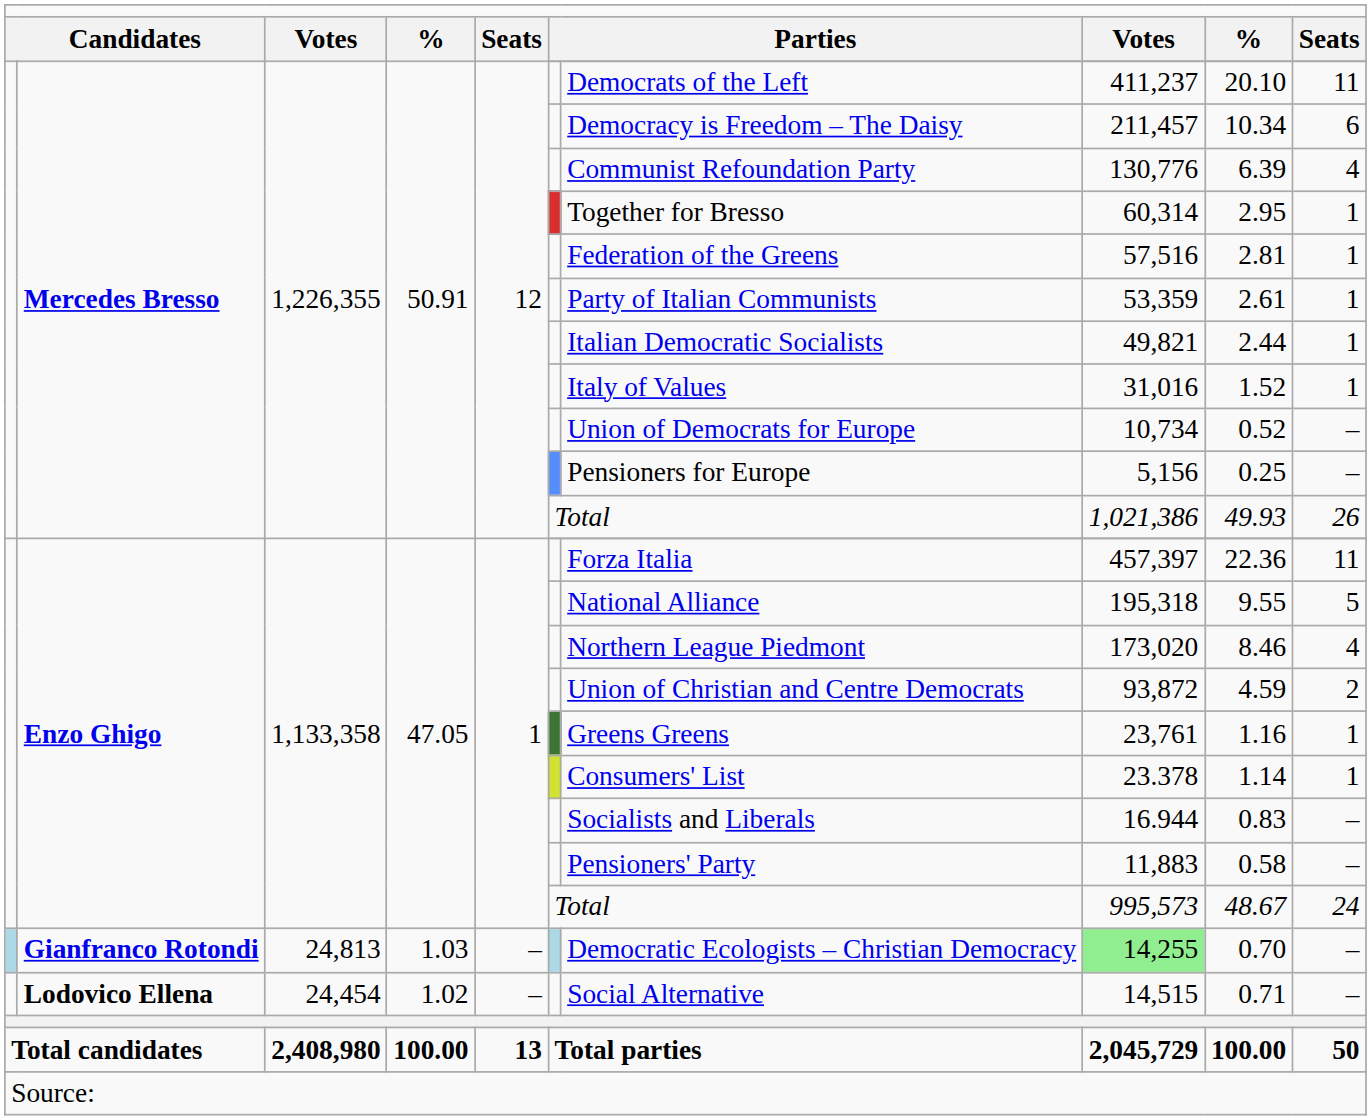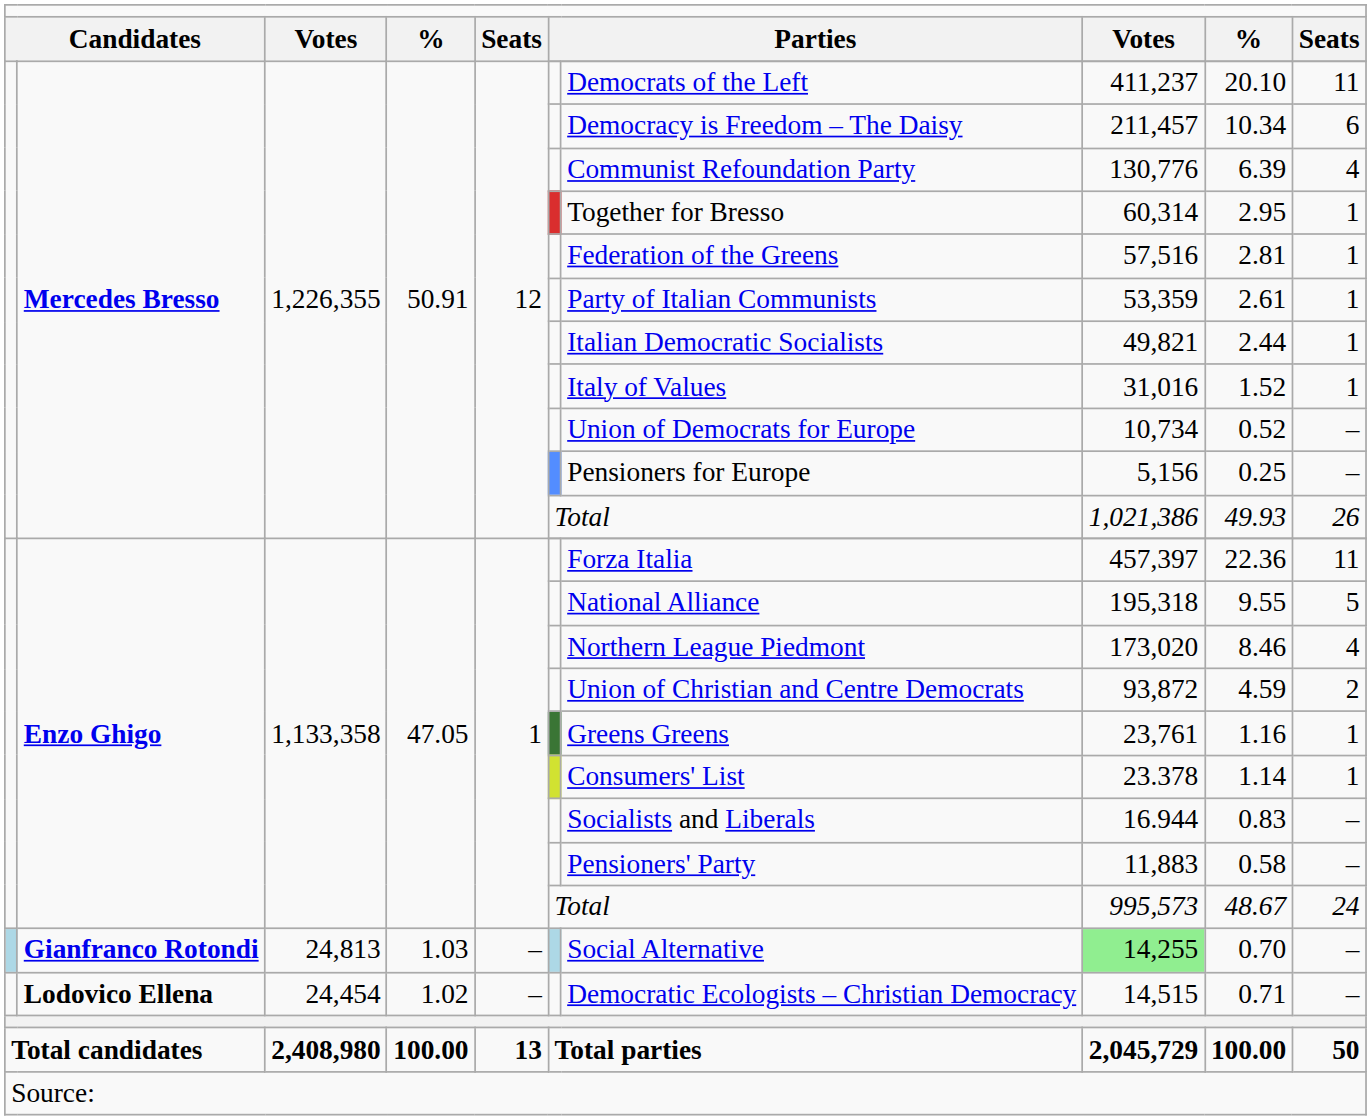 <table class="wikitable">
 <tr>
 <td colspan=10></td>
 </tr>
 <tr>
 <th colspan=2>Candidates</th>
 <th>Votes</th>
 <th>%</th>
 <th>Seats</th>
 <th colspan=2>Parties</th>
 <th>Votes</th>
 <th>%</th>
 <th>Seats</th>
 </tr>
 <tr>
 <td rowspan=12></td>
 <td rowspan=12><strong><a href='#'>Mercedes Bresso</a></strong></td>
 <td rowspan=12 align=right>1,226,355</td>
 <td rowspan=12 align=right>50.91</td>
 <td rowspan=12 align=right>12</td>
 </tr>
 <tr>
 <td></td>
 <td><a href='#'>Democrats of the Left</a></td>
 <td align=right>411,237</td>
 <td align=right>20.10</td>
 <td align=right>11</td>
 </tr>
 <tr>
 <td></td>
 <td><a href='#'>Democracy is Freedom – The Daisy</a></td>
 <td align=right>211,457</td>
 <td align=right>10.34</td>
 <td align=right>6</td>
 </tr>
 <tr>
 <td></td>
 <td><a href='#'>Communist Refoundation Party</a></td>
 <td align=right>130,776</td>
 <td align=right>6.39</td>
 <td align=right>4</td>
 </tr>
 <tr>
 <td bgcolor="#DA2E2E"></td>
 <td>Together for Bresso</td>
 <td align=right>60,314</td>
 <td align=right>2.95</td>
 <td align=right>1</td>
 </tr>
 <tr>
 <td></td>
 <td><a href='#'>Federation of the Greens</a></td>
 <td align=right>57,516</td>
 <td align=right>2.81</td>
 <td align=right>1</td>
 </tr>
 <tr>
 <td></td>
 <td><a href='#'>Party of Italian Communists</a></td>
 <td align=right>53,359</td>
 <td align=right>2.61</td>
 <td align=right>1</td>
 </tr>
 <tr>
 <td></td>
 <td><a href='#'>Italian Democratic Socialists</a></td>
 <td align=right>49,821</td>
 <td align=right>2.44</td>
 <td align=right>1</td>
 </tr>
 <tr>
 <td></td>
 <td><a href='#'>Italy of Values</a></td>
 <td align=right>31,016</td>
 <td align=right>1.52</td>
 <td align=right>1</td>
 </tr>
 <tr>
 <td></td>
 <td><a href='#'>Union of Democrats for Europe</a></td>
 <td align=right>10,734</td>
 <td align=right>0.52</td>
 <td align=right>–</td>
 </tr>
 <tr>
 <td bgcolor="#538DFF"></td>
 <td>Pensioners for Europe</td>
 <td align=right>5,156</td>
 <td align=right>0.25</td>
 <td align=right>–</td>
 </tr>
 <tr>
 <td colspan=2><em>Total</em></td>
 <td align=right><em>1,021,386</em></td>
 <td align=right><em>49.93</em></td>
 <td align=right><em>26</em></td>
 </tr>
 <tr>
 <td rowspan=10></td>
 <td rowspan=10><strong><a href='#'>Enzo Ghigo</a></strong></td>
 <td rowspan=10 align=right>1,133,358</td>
 <td rowspan=10 align=right>47.05</td>
 <td rowspan=10 align=right>1</td>
 </tr>
 <tr>
 <td></td>
 <td><a href='#'>Forza Italia</a></td>
 <td align=right>457,397</td>
 <td align=right>22.36</td>
 <td align=right>11</td>
 </tr>
 <tr>
 <td></td>
 <td><a href='#'>National Alliance</a></td>
 <td align=right>195,318</td>
 <td align=right>9.55</td>
 <td align=right>5</td>
 </tr>
 <tr>
 <td></td>
 <td><a href='#'>Northern League Piedmont</a></td>
 <td align=right>173,020</td>
 <td align=right>8.46</td>
 <td align=right>4</td>
 </tr>
 <tr>
 <td></td>
 <td><a href='#'>Union of Christian and Centre Democrats</a></td>
 <td align=right>93,872</td>
 <td align=right>4.59</td>
 <td align=right>2</td>
 </tr>
 <tr>
 <td bgcolor="#3A7535"></td>
 <td><a href='#'>Greens Greens</a></td>
 <td align=right>23,761</td>
 <td align=right>1.16</td>
 <td align=right>1</td>
 </tr>
 <tr>
 <td bgcolor="#D1E231"></td>
 <td><a href='#'>Consumers' List</a></td>
 <td align=right>23.378</td>
 <td align=right>1.14</td>
 <td align=right>1</td>
 </tr>
 <tr>
 <td></td>
 <td><a href='#'>Socialists</a> and <a href='#'>Liberals</a></td>
 <td align=right>16.944</td>
 <td align=right>0.83</td>
 <td align=right>–</td>
 </tr>
 <tr>
 <td></td>
 <td><a href='#'>Pensioners' Party</a></td>
 <td align=right>11,883</td>
 <td align=right>0.58</td>
 <td align=right>–</td>
 </tr>
 <tr>
 <td colspan=2><em>Total</em></td>
 <td align=right><em>995,573</em></td>
 <td align=right><em>48.67</em></td>
 <td align=right><em>24</em></td>
 </tr>
 <tr>
 <td bgcolor="lightblue"></td>
 <td><strong><a href='#'>Gianfranco Rotondi</a></strong></td>
 <td align=right>24,813</td>
 <td align=right>1.03</td>
 <td align=right>–</td>
 <td bgcolor="lightblue"></td>
-<td><a href='#'>Democratic Ecologists – Christian Democracy</a></td>
+<td><a href='#'>Social Alternative</a></td>
 <td align=right style="background: lightgreen;">14,255</td>
 <td align=right>0.70</td>
 <td align=right>–</td>
 </tr>
 <tr>
 <td></td>
 <td><strong>Lodovico Ellena</strong></td>
 <td align=right>24,454</td>
 <td align=right>1.02</td>
 <td align=right>–</td>
 <td></td>
-<td><a href='#'>Social Alternative</a></td>
+<td><a href='#'>Democratic Ecologists – Christian Democracy</a></td>
 <td align=right>14,515</td>
 <td align=right>0.71</td>
 <td align=right>–</td>
 </tr>
 <tr>
 <th colspan=10></th>
 </tr>
 <tr>
 <td colspan=2><strong>Total candidates</strong></td>
 <td align=right><strong>2,408,980</strong></td>
 <td align=right><strong>100.00</strong></td>
 <td align=right><strong>13</strong></td>
 <td colspan=2><strong>Total parties</strong></td>
 <td align=right><strong>2,045,729</strong></td>
 <td align=right><strong>100.00</strong></td>
 <td align=right><strong>50</strong></td>
 </tr>
 <tr>
 <td colspan=10>Source: </td>
 </tr>
 </table>
